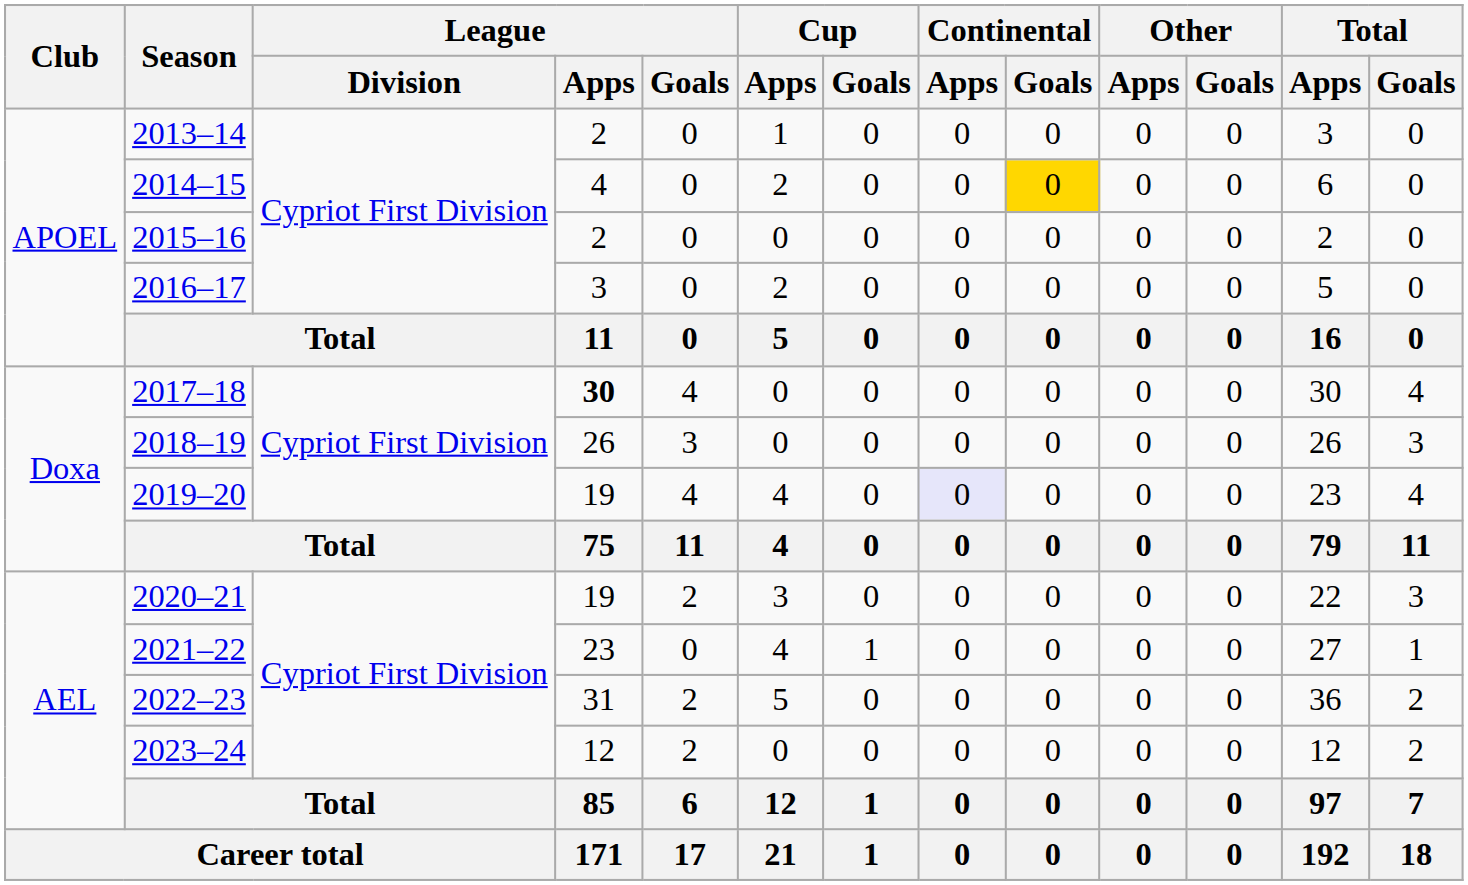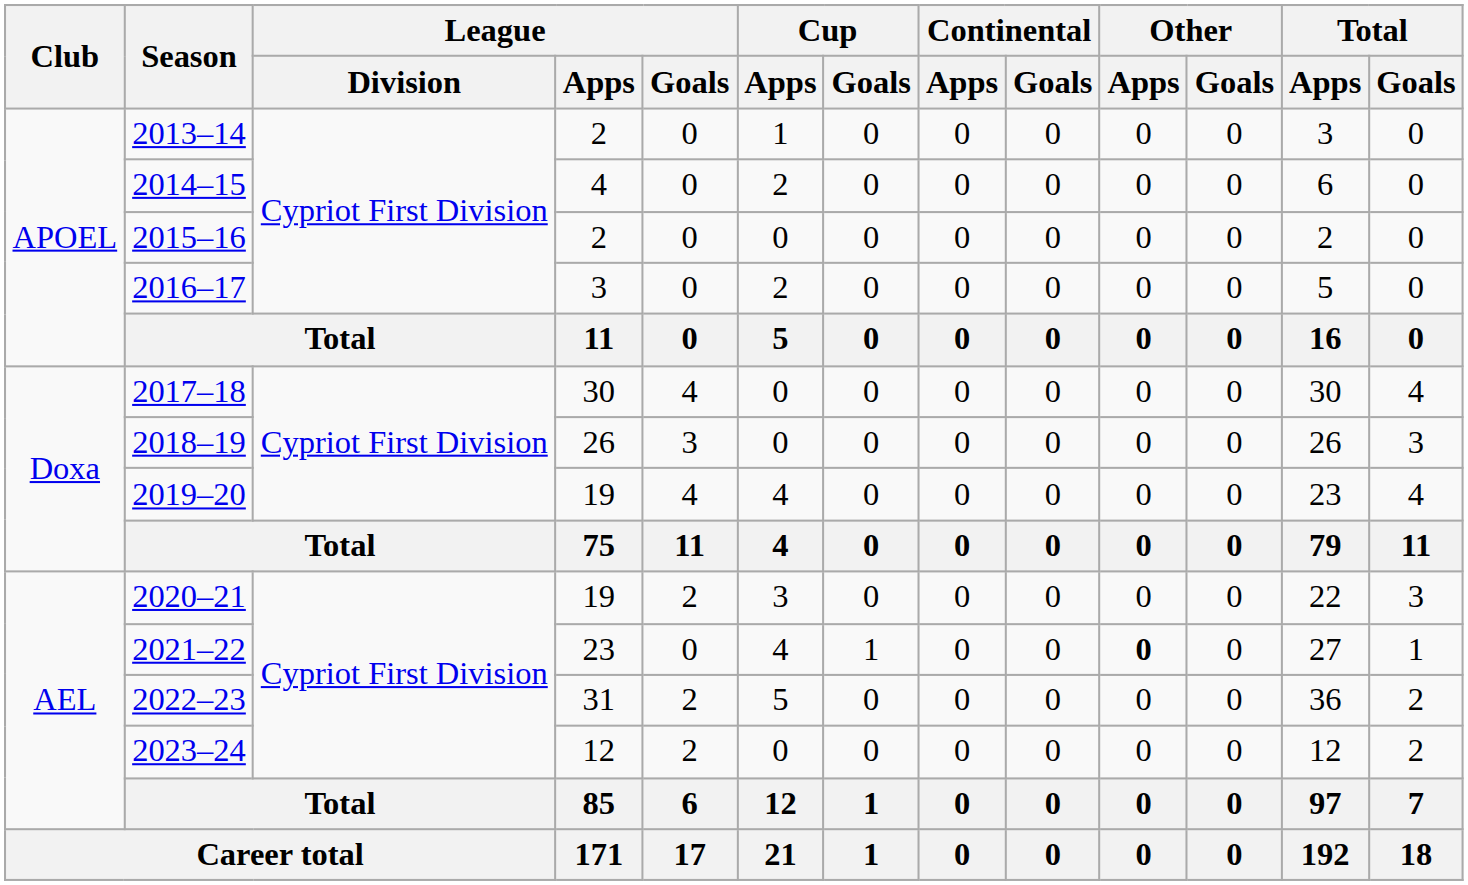 <table class="wikitable" style="text-align: center;">
 <tr>
 <th rowspan="2">Club</th>
 <th rowspan="2">Season</th>
 <th colspan="3">League</th>
 <th colspan="2">Cup</th>
 <th colspan="2">Continental</th>
 <th colspan="2">Other</th>
 <th colspan="2">Total</th>
 </tr>
 <tr>
 <th>Division</th>
 <th>Apps</th>
 <th>Goals</th>
 <th>Apps</th>
 <th>Goals</th>
 <th>Apps</th>
 <th>Goals</th>
 <th>Apps</th>
 <th>Goals</th>
 <th>Apps</th>
 <th>Goals</th>
 </tr>
 <tr>
 <td rowspan="5"><a href='#'>APOEL</a></td>
 <td><a href='#'>2013–14</a></td>
 <td rowspan="4"><a href='#'>Cypriot First Division</a></td>
 <td>2</td>
 <td>0</td>
 <td>1</td>
 <td>0</td>
 <td>0</td>
 <td>0</td>
 <td>0</td>
 <td>0</td>
 <td>3</td>
 <td>0</td>
 </tr>
 <tr>
 <td><a href='#'>2014–15</a></td>
 <td>4</td>
 <td>0</td>
 <td>2</td>
 <td>0</td>
 <td>0</td>
-<td style="background: gold;">0</td>
+<td>0</td>
 <td>0</td>
 <td>0</td>
 <td>6</td>
 <td>0</td>
 </tr>
 <tr>
 <td><a href='#'>2015–16</a></td>
 <td>2</td>
 <td>0</td>
 <td>0</td>
 <td>0</td>
 <td>0</td>
 <td>0</td>
 <td>0</td>
 <td>0</td>
 <td>2</td>
 <td>0</td>
 </tr>
 <tr>
 <td><a href='#'>2016–17</a></td>
 <td>3</td>
 <td>0</td>
 <td>2</td>
 <td>0</td>
 <td>0</td>
 <td>0</td>
 <td>0</td>
 <td>0</td>
 <td>5</td>
 <td>0</td>
 </tr>
 <tr>
 <th colspan="2">Total</th>
 <th>11</th>
 <th>0</th>
 <th>5</th>
 <th>0</th>
 <th>0</th>
 <th>0</th>
 <th>0</th>
 <th>0</th>
 <th>16</th>
 <th>0</th>
 </tr>
 <tr>
 <td rowspan="4"><a href='#'>Doxa</a></td>
 <td><a href='#'>2017–18</a></td>
 <td rowspan="3"><a href='#'>Cypriot First Division</a></td>
-<td><strong>30</strong></td>
+<td>30</td>
 <td>4</td>
 <td>0</td>
 <td>0</td>
 <td>0</td>
 <td>0</td>
 <td>0</td>
 <td>0</td>
 <td>30</td>
 <td>4</td>
 </tr>
 <tr>
 <td><a href='#'>2018–19</a></td>
 <td>26</td>
 <td>3</td>
 <td>0</td>
 <td>0</td>
 <td>0</td>
 <td>0</td>
 <td>0</td>
 <td>0</td>
 <td>26</td>
 <td>3</td>
 </tr>
 <tr>
 <td><a href='#'>2019–20</a></td>
 <td>19</td>
 <td>4</td>
 <td>4</td>
 <td>0</td>
-<td style="background: lavender;">0</td>
+<td>0</td>
 <td>0</td>
 <td>0</td>
 <td>0</td>
 <td>23</td>
 <td>4</td>
 </tr>
 <tr>
 <th colspan="2">Total</th>
 <th>75</th>
 <th>11</th>
 <th>4</th>
 <th>0</th>
 <th>0</th>
 <th>0</th>
 <th>0</th>
 <th>0</th>
 <th>79</th>
 <th>11</th>
 </tr>
 <tr>
 <td rowspan="5"><a href='#'>AEL</a></td>
 <td><a href='#'>2020–21</a></td>
 <td rowspan="4"><a href='#'>Cypriot First Division</a></td>
 <td>19</td>
 <td>2</td>
 <td>3</td>
 <td>0</td>
 <td>0</td>
 <td>0</td>
 <td>0</td>
 <td>0</td>
 <td>22</td>
 <td>3</td>
 </tr>
 <tr>
 <td><a href='#'>2021–22</a></td>
 <td>23</td>
 <td>0</td>
 <td>4</td>
 <td>1</td>
 <td>0</td>
 <td>0</td>
-<td>0</td>
+<td><strong>0</strong></td>
 <td>0</td>
 <td>27</td>
 <td>1</td>
 </tr>
 <tr>
 <td><a href='#'>2022–23</a></td>
 <td>31</td>
 <td>2</td>
 <td>5</td>
 <td>0</td>
 <td>0</td>
 <td>0</td>
 <td>0</td>
 <td>0</td>
 <td>36</td>
 <td>2</td>
 </tr>
 <tr>
 <td><a href='#'>2023–24</a></td>
 <td>12</td>
 <td>2</td>
 <td>0</td>
 <td>0</td>
 <td>0</td>
 <td>0</td>
 <td>0</td>
 <td>0</td>
 <td>12</td>
 <td>2</td>
 </tr>
 <tr>
 <th colspan="2">Total</th>
 <th>85</th>
 <th>6</th>
 <th>12</th>
 <th>1</th>
 <th>0</th>
 <th>0</th>
 <th>0</th>
 <th>0</th>
 <th>97</th>
 <th>7</th>
 </tr>
 <tr>
 <th colspan="3">Career total</th>
 <th>171</th>
 <th>17</th>
 <th>21</th>
 <th>1</th>
 <th>0</th>
 <th>0</th>
 <th>0</th>
 <th>0</th>
 <th>192</th>
 <th>18</th>
 </tr>
 </table>
